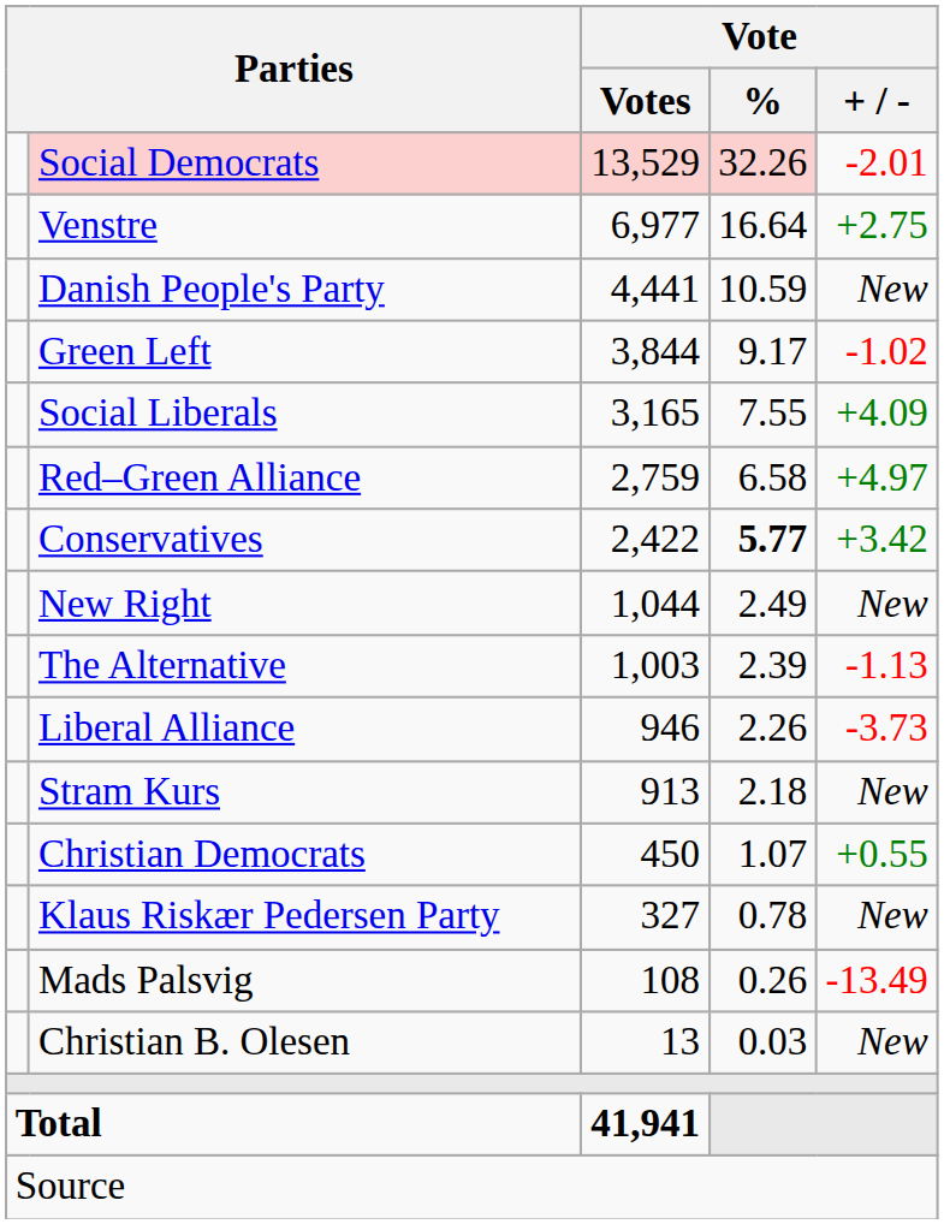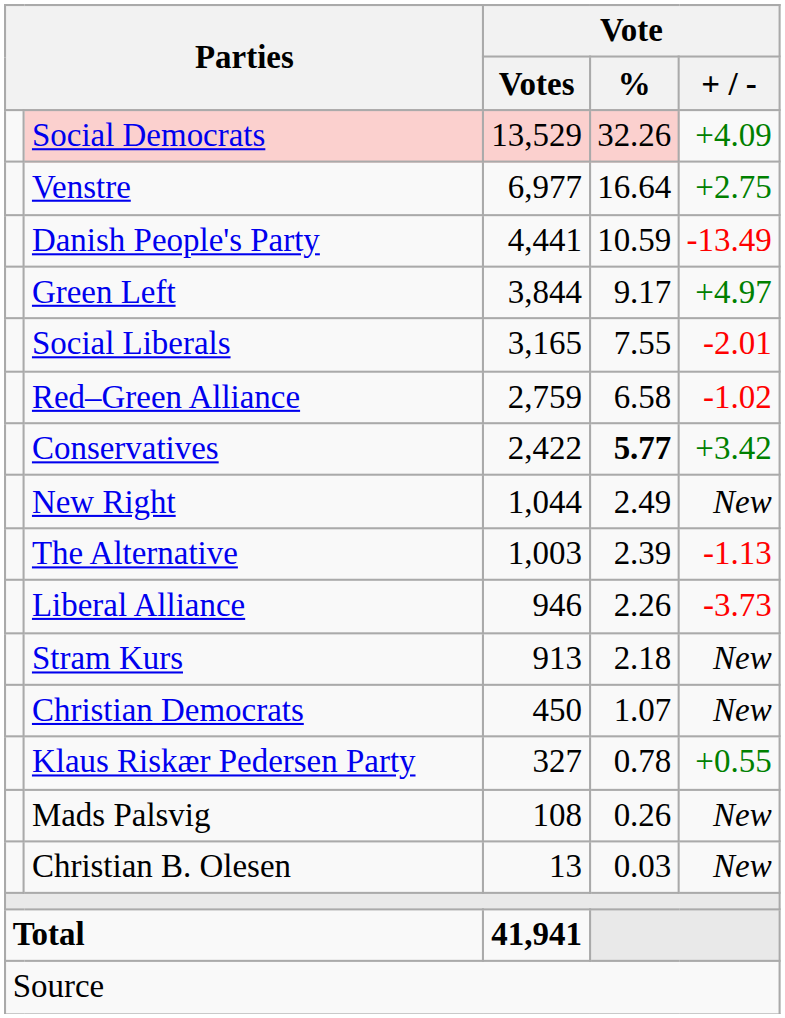 <table class="wikitable" style="text-align:right;">
 <tr>
 <th style="text-align:centre;" rowspan="2" colspan="2" width="225">Parties</th>
 <th colspan="3">Vote</th>
 </tr>
 <tr>
 <th width="15">Votes</th>
 <th width="15">%</th>
 <th width="15">+ / -</th>
 </tr>
 <tr>
 <td width="2" style="color:inherit;background:"></td>
 <td bgcolor=#fbd0ce  align="left"><a href='#'>Social Democrats</a></td>
 <td bgcolor=#fbd0ce>13,529</td>
 <td bgcolor=#fbd0ce>32.26</td>
-<td style=color:red;>-2.01</td>
+<td style=color:green;>+4.09</td>
 </tr>
 <tr>
 <td width="2" style="color:inherit;background:"></td>
 <td align="left"><a href='#'>Venstre</a></td>
 <td>6,977</td>
 <td>16.64</td>
 <td style=color:green;>+2.75</td>
 </tr>
 <tr>
 <td width="2" style="color:inherit;background:"></td>
 <td align="left"><a href='#'>Danish People's Party</a></td>
 <td>4,441</td>
 <td>10.59</td>
-<td><em>New</em></td>
+<td style=color:red;>-13.49</td>
 </tr>
 <tr>
 <td width="2" style="color:inherit;background:"></td>
 <td align="left"><a href='#'>Green Left</a></td>
 <td>3,844</td>
 <td>9.17</td>
-<td style=color:red;>-1.02</td>
+<td style=color:green;>+4.97</td>
 </tr>
 <tr>
 <td width="2" style="color:inherit;background:"></td>
 <td align="left"><a href='#'>Social Liberals</a></td>
 <td>3,165</td>
 <td>7.55</td>
-<td style=color:green;>+4.09</td>
+<td style=color:red;>-2.01</td>
 </tr>
 <tr>
 <td width="2" style="color:inherit;background:"></td>
 <td align="left"><a href='#'>Red–Green Alliance</a></td>
 <td>2,759</td>
 <td>6.58</td>
-<td style=color:green;>+4.97</td>
+<td style=color:red;>-1.02</td>
 </tr>
 <tr>
 <td width="2" style="color:inherit;background:"></td>
 <td align="left"><a href='#'>Conservatives</a></td>
 <td>2,422</td>
 <td><strong>5.77</strong></td>
 <td style=color:green;>+3.42</td>
 </tr>
 <tr>
 <td width="2" style="color:inherit;background:"></td>
 <td align="left"><a href='#'>New Right</a></td>
 <td>1,044</td>
 <td>2.49</td>
 <td><em>New</em></td>
 </tr>
 <tr>
 <td width="2" style="color:inherit;background:"></td>
 <td align="left"><a href='#'>The Alternative</a></td>
 <td>1,003</td>
 <td>2.39</td>
 <td style=color:red;>-1.13</td>
 </tr>
 <tr>
 <td width="2" style="color:inherit;background:"></td>
 <td align="left"><a href='#'>Liberal Alliance</a></td>
 <td>946</td>
 <td>2.26</td>
 <td style=color:red;>-3.73</td>
 </tr>
 <tr>
 <td width="2" style="color:inherit;background:"></td>
 <td align="left"><a href='#'>Stram Kurs</a></td>
 <td>913</td>
 <td>2.18</td>
 <td><em>New</em></td>
 </tr>
 <tr>
 <td width="2" style="color:inherit;background:"></td>
 <td align="left"><a href='#'>Christian Democrats</a></td>
 <td>450</td>
 <td>1.07</td>
-<td style=color:green;>+0.55</td>
+<td><em>New</em></td>
 </tr>
 <tr>
 <td width="2" style="color:inherit;background:"></td>
 <td align="left"><a href='#'>Klaus Riskær Pedersen Party</a></td>
 <td>327</td>
 <td>0.78</td>
-<td><em>New</em></td>
+<td style=color:green;>+0.55</td>
 </tr>
 <tr>
 <td width="2" style="color:inherit;background:"></td>
 <td align="left">Mads Palsvig</td>
 <td>108</td>
 <td>0.26</td>
-<td style=color:red;>-13.49</td>
+<td><em>New</em></td>
 </tr>
 <tr>
 <td width="2" style="color:inherit;background:"></td>
 <td align="left">Christian B. Olesen</td>
 <td>13</td>
 <td>0.03</td>
 <td><em>New</em></td>
 </tr>
 <tr>
 <td colspan="7" bgcolor="#E9E9E9"></td>
 </tr>
 <tr>
 <td align="left" colspan="2"><strong>Total</strong></td>
 <td><strong>41,941</strong></td>
 <td bgcolor="#E9E9E9" colspan="2"></td>
 </tr>
 <tr>
 <td align="left" colspan="6">Source</td>
 </tr>
 </table>
